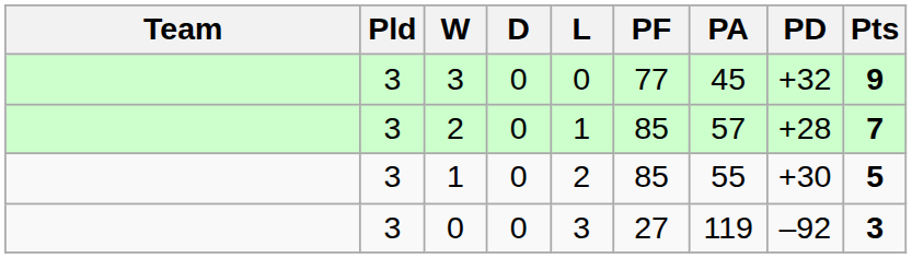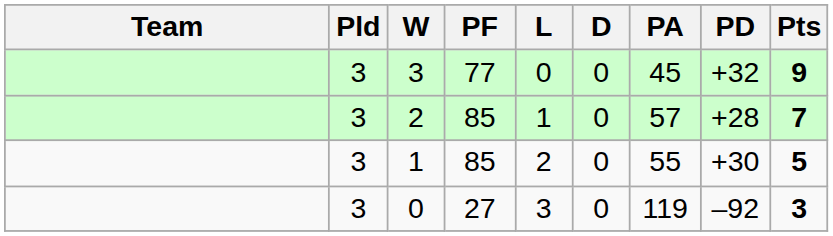 <table class="wikitable" style="text-align:center;">
 <tr>
 <th width=175>Team</th>
 <th width=25 abbr="Played">Pld</th>
 <th width=25 abbr="Won">W</th>
+<th width=32 abbr="Points for">PF</th>
+<th width=25 abbr="Lost">L</th>
 <th width=25 abbr="Drawn">D</th>
-<th width=25 abbr="Lost">L</th>
-<th width=32 abbr="Points for">PF</th>
 <th width=32 abbr="Points against">PA</th>
 <th width=32 abbr="Points difference">PD</th>
 <th width=25 abbr="Points">Pts</th>
 </tr>
 <tr bgcolor=ccffcc>
 <td align=left></td>
 <td>3</td>
 <td>3</td>
+<td>77</td>
 <td>0</td>
 <td>0</td>
-<td>77</td>
 <td>45</td>
 <td>+32</td>
 <td><strong>9</strong></td>
 </tr>
 <tr bgcolor=ccffcc>
 <td align=left></td>
 <td>3</td>
 <td>2</td>
+<td>85</td>
+<td>1</td>
 <td>0</td>
-<td>1</td>
-<td>85</td>
 <td>57</td>
 <td>+28</td>
 <td><strong>7</strong></td>
 </tr>
 <tr>
 <td align=left></td>
 <td>3</td>
 <td>1</td>
+<td>85</td>
+<td>2</td>
 <td>0</td>
-<td>2</td>
-<td>85</td>
 <td>55</td>
 <td>+30</td>
 <td><strong>5</strong></td>
 </tr>
 <tr>
 <td align=left></td>
 <td>3</td>
 <td>0</td>
+<td>27</td>
+<td>3</td>
 <td>0</td>
-<td>3</td>
-<td>27</td>
 <td>119</td>
 <td>–92</td>
 <td><strong>3</strong></td>
 </tr>
 </table>
